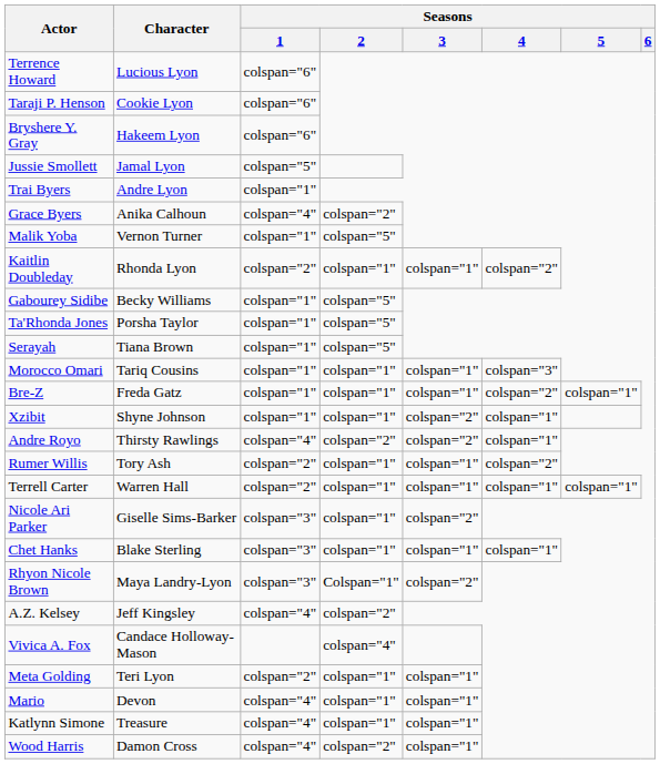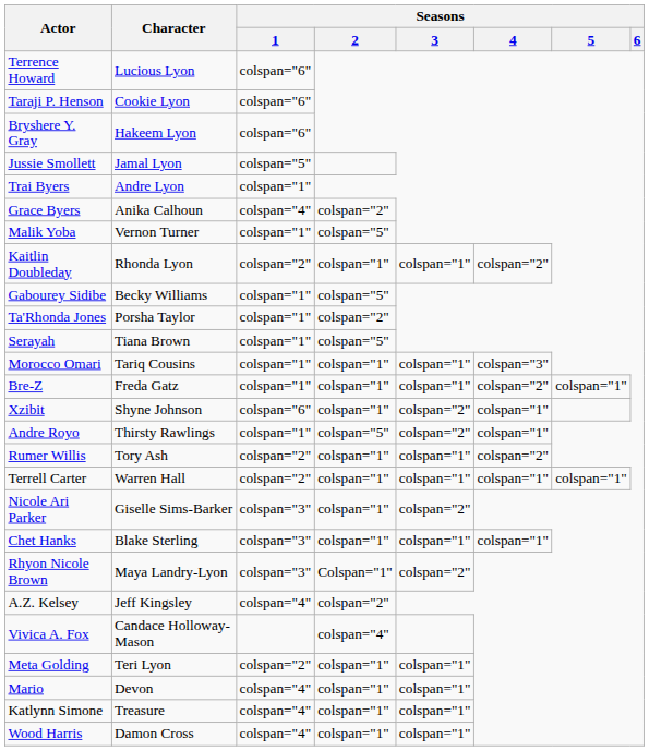 <table class="wikitable" style="width:80%;">
 <tr>
 <th rowspan="2">Actor</th>
 <th rowspan="2">Character</th>
 <th colspan="6">Seasons</th>
 </tr>
 <tr>
 <th><a href='#'>1</a></th>
 <th><a href='#'>2</a></th>
 <th><a href='#'>3</a></th>
 <th><a href='#'>4</a></th>
 <th><a href='#'>5</a></th>
 <th><a href='#'>6</a></th>
 </tr>
 <tr>
 <td><a href='#'>Terrence Howard</a></td>
 <td><a href='#'>Lucious Lyon</a></td>
 <td>colspan="6" </td>
 </tr>
 <tr>
 <td><a href='#'>Taraji P. Henson</a></td>
 <td><a href='#'>Cookie Lyon</a></td>
 <td>colspan="6" </td>
 </tr>
 <tr>
 <td><a href='#'>Bryshere Y. Gray</a></td>
 <td><a href='#'>Hakeem Lyon</a></td>
 <td>colspan="6" </td>
 </tr>
 <tr>
 <td><a href='#'>Jussie Smollett</a></td>
 <td><a href='#'>Jamal Lyon</a></td>
 <td>colspan="5" </td>
 <td></td>
 </tr>
 <tr>
 <td><a href='#'>Trai Byers</a></td>
 <td><a href='#'>Andre Lyon</a></td>
 <td>colspan="1" </td>
 </tr>
 <tr>
 <td><a href='#'>Grace Byers</a></td>
 <td>Anika Calhoun</td>
 <td>colspan="4" </td>
 <td>colspan="2" </td>
 </tr>
 <tr>
 <td><a href='#'>Malik Yoba</a></td>
 <td>Vernon Turner</td>
 <td>colspan="1" </td>
 <td>colspan="5" </td>
 </tr>
 <tr>
 <td><a href='#'>Kaitlin Doubleday</a></td>
 <td>Rhonda Lyon</td>
 <td>colspan="2" </td>
 <td>colspan="1" </td>
 <td>colspan="1" </td>
 <td>colspan="2" </td>
 </tr>
 <tr>
 <td><a href='#'>Gabourey Sidibe</a></td>
 <td>Becky Williams</td>
 <td>colspan="1" </td>
 <td>colspan="5" </td>
 </tr>
 <tr>
 <td><a href='#'>Ta'Rhonda Jones</a></td>
 <td>Porsha Taylor</td>
 <td>colspan="1" </td>
-<td>colspan="5" </td>
+<td>colspan="2" </td>
 </tr>
 <tr>
 <td><a href='#'>Serayah</a></td>
 <td>Tiana Brown</td>
 <td>colspan="1" </td>
 <td>colspan="5" </td>
 </tr>
 <tr>
 <td><a href='#'>Morocco Omari</a></td>
 <td>Tariq Cousins</td>
 <td>colspan="1" </td>
 <td>colspan="1" </td>
 <td>colspan="1" </td>
 <td>colspan="3" </td>
 </tr>
 <tr>
 <td><a href='#'>Bre-Z</a></td>
 <td>Freda Gatz</td>
 <td>colspan="1" </td>
 <td>colspan="1" </td>
 <td>colspan="1" </td>
 <td>colspan="2" </td>
 <td>colspan="1" </td>
 </tr>
 <tr>
 <td><a href='#'>Xzibit</a></td>
 <td>Shyne Johnson</td>
-<td>colspan="1" </td>
+<td>colspan="6" </td>
 <td>colspan="1" </td>
 <td>colspan="2" </td>
 <td>colspan="1" </td>
 <td></td>
 </tr>
 <tr>
 <td><a href='#'>Andre Royo</a></td>
 <td>Thirsty Rawlings</td>
-<td>colspan="4" </td>
-<td>colspan="2" </td>
+<td>colspan="1" </td>
+<td>colspan="5" </td>
 <td>colspan="2" </td>
 <td>colspan="1" </td>
 </tr>
 <tr>
 <td><a href='#'>Rumer Willis</a></td>
 <td>Tory Ash</td>
 <td>colspan="2" </td>
 <td>colspan="1" </td>
 <td>colspan="1" </td>
 <td>colspan="2" </td>
 </tr>
 <tr>
 <td>Terrell Carter</td>
 <td>Warren Hall</td>
 <td>colspan="2" </td>
 <td>colspan="1" </td>
 <td>colspan="1" </td>
 <td>colspan="1" </td>
 <td>colspan="1" </td>
 </tr>
 <tr>
 <td><a href='#'>Nicole Ari Parker</a></td>
 <td>Giselle Sims-Barker</td>
 <td>colspan="3" </td>
 <td>colspan="1" </td>
 <td>colspan="2" </td>
 </tr>
 <tr>
 <td><a href='#'>Chet Hanks</a></td>
 <td>Blake Sterling</td>
 <td>colspan="3" </td>
 <td>colspan="1" </td>
 <td>colspan="1" </td>
 <td>colspan="1" </td>
 </tr>
 <tr>
 <td><a href='#'>Rhyon Nicole Brown</a></td>
 <td>Maya Landry-Lyon</td>
 <td>colspan="3" </td>
 <td>Colspan="1" </td>
 <td>colspan="2" </td>
 </tr>
 <tr>
 <td>A.Z. Kelsey</td>
 <td>Jeff Kingsley</td>
 <td>colspan="4" </td>
 <td>colspan="2" </td>
 </tr>
 <tr>
 <td><a href='#'>Vivica A. Fox</a></td>
 <td>Candace Holloway-Mason</td>
 <td></td>
 <td>colspan="4" </td>
 <td></td>
 </tr>
 <tr>
 <td><a href='#'>Meta Golding</a></td>
 <td>Teri Lyon</td>
 <td>colspan="2" </td>
 <td>colspan="1" </td>
 <td>colspan="1" </td>
 </tr>
 <tr>
 <td><a href='#'>Mario</a></td>
 <td>Devon</td>
 <td>colspan="4" </td>
 <td>colspan="1" </td>
 <td>colspan="1" </td>
 </tr>
 <tr>
 <td>Katlynn Simone</td>
 <td>Treasure</td>
 <td>colspan="4" </td>
 <td>colspan="1" </td>
 <td>colspan="1" </td>
 </tr>
 <tr>
 <td><a href='#'>Wood Harris</a></td>
 <td>Damon Cross</td>
 <td>colspan="4" </td>
-<td>colspan="2" </td>
+<td>colspan="1" </td>
 <td>colspan="1" </td>
 </tr>
 </table>
